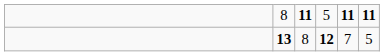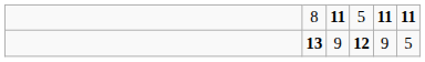 <table class="wikitable">
 <tr>
 <td style="width:18em"></td>
 <td align=center style="width:1em">8</td>
 <td align=center style="width:1em"><strong>11</strong></td>
 <td align=center style="width:1em">5</td>
 <td align=center style="width:1em"><strong>11</strong></td>
 <td align=center style="width:1em"><strong>11</strong></td>
 </tr>
 <tr>
 <td style="width:18em"></td>
 <td align=center style="width:1em"><strong>13</strong></td>
-<td align=center style="width:1em">8</td>
+<td align=center style="width:1em">9</td>
 <td align=center style="width:1em"><strong>12</strong></td>
-<td align=center style="width:1em">7</td>
+<td align=center style="width:1em">9</td>
 <td align=center style="width:1em">5</td>
 </tr>
 </table>
